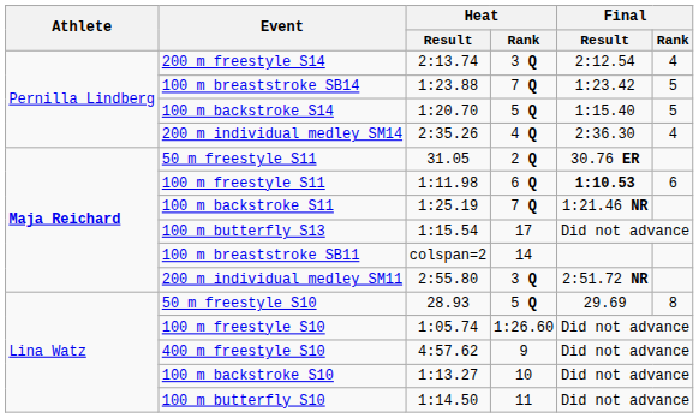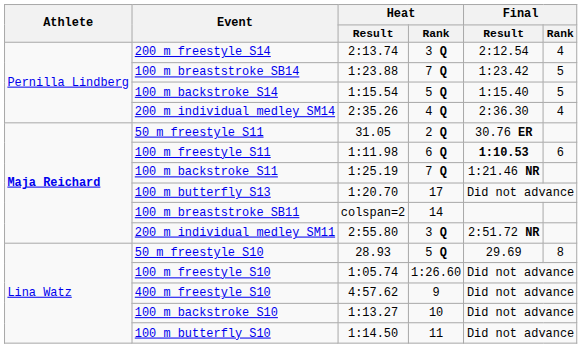 <table class="wikitable" style="font-size:90%">
 <tr>
 <th rowspan="2">Athlete</th>
 <th rowspan="2">Event</th>
 <th colspan=2>Heat</th>
 <th colspan=2>Final</th>
 </tr>
 <tr style="font-size:95%">
 <th>Result</th>
 <th>Rank</th>
 <th>Result</th>
 <th>Rank</th>
 </tr>
 <tr align=center>
 <td align=left rowspan=4><a href='#'>Pernilla Lindberg</a></td>
 <td align=left><a href='#'>200 m freestyle S14</a></td>
 <td>2:13.74</td>
 <td>3 <strong>Q</strong></td>
 <td>2:12.54</td>
 <td>4</td>
 </tr>
 <tr align=center>
 <td align=left><a href='#'>100 m breaststroke SB14</a></td>
 <td>1:23.88</td>
 <td>7 <strong>Q</strong></td>
 <td>1:23.42</td>
 <td>5</td>
 </tr>
 <tr align=center>
 <td align=left><a href='#'>100 m backstroke S14</a></td>
-<td>1:20.70</td>
+<td>1:15.54</td>
 <td>5 <strong>Q</strong></td>
 <td>1:15.40</td>
 <td>5</td>
 </tr>
 <tr align=center>
 <td align=left><a href='#'>200 m individual medley SM14</a></td>
 <td>2:35.26</td>
 <td>4 <strong>Q</strong></td>
 <td>2:36.30</td>
 <td>4</td>
 </tr>
 <tr align=center>
 <td align=left rowspan=6><strong><a href='#'>Maja Reichard</a></strong></td>
 <td align=left><a href='#'>50 m freestyle S11</a></td>
 <td>31.05</td>
 <td>2 <strong>Q</strong></td>
 <td>30.76 <strong>ER</strong></td>
 <td></td>
 </tr>
 <tr align=center>
 <td align=left><a href='#'>100 m freestyle S11</a></td>
 <td>1:11.98</td>
 <td>6 <strong>Q</strong></td>
 <td><strong>1:10.53</strong></td>
 <td>6</td>
 </tr>
 <tr align=center>
 <td align=left><a href='#'>100 m backstroke S11</a></td>
 <td>1:25.19</td>
 <td>7 <strong>Q</strong></td>
 <td>1:21.46 <strong>NR</strong></td>
 <td></td>
 </tr>
 <tr align=center>
 <td align=left><a href='#'>100 m butterfly S13</a></td>
-<td>1:15.54</td>
+<td>1:20.70</td>
 <td>17</td>
 <td colspan=2>Did not advance</td>
 </tr>
 <tr align=center>
 <td align=left><a href='#'>100 m breaststroke SB11</a></td>
 <td>colspan=2 </td>
 <td>14</td>
 <td></td>
 </tr>
 <tr align=center>
 <td align=left><a href='#'>200 m individual medley SM11</a></td>
 <td>2:55.80</td>
 <td>3 <strong>Q</strong></td>
 <td>2:51.72 <strong>NR</strong></td>
 <td></td>
 </tr>
 <tr align=center>
 <td align=left rowspan=5><a href='#'>Lina Watz</a></td>
 <td align=left><a href='#'>50 m freestyle S10</a></td>
 <td>28.93</td>
 <td>5 <strong>Q</strong></td>
 <td>29.69</td>
 <td>8</td>
 </tr>
 <tr align=center>
 <td align=left><a href='#'>100 m freestyle S10</a></td>
 <td>1:05.74</td>
 <td>1:26.60</td>
 <td colspan=2>Did not advance</td>
 </tr>
 <tr align=center>
 <td align=left><a href='#'>400 m freestyle S10</a></td>
 <td>4:57.62</td>
 <td>9</td>
 <td colspan=2>Did not advance</td>
 </tr>
 <tr align=center>
 <td align=left><a href='#'>100 m backstroke S10</a></td>
 <td>1:13.27</td>
 <td>10</td>
 <td colspan=2>Did not advance</td>
 </tr>
 <tr align=center>
 <td align=left><a href='#'>100 m butterfly S10</a></td>
 <td>1:14.50</td>
 <td>11</td>
 <td colspan=2>Did not advance</td>
 </tr>
 </table>
